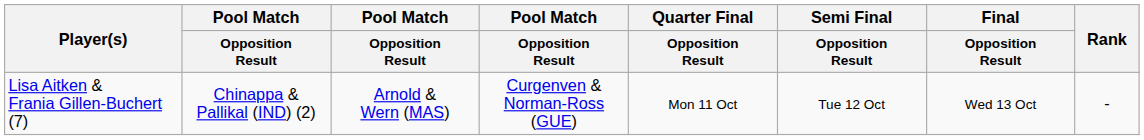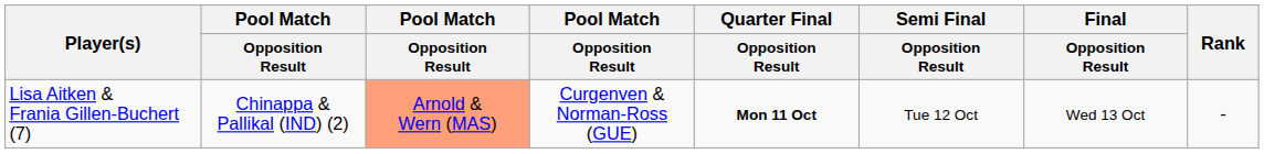 <table class=wikitable style="font-size:90%">
 <tr>
 <th rowspan="2" width=150>Player(s)</th>
 <th width=125>Pool Match</th>
 <th width=125>Pool Match</th>
 <th width=125>Pool Match</th>
 <th width=125>Quarter Final</th>
 <th width=125>Semi Final</th>
 <th width=125>Final</th>
 <th rowspan="2" width=50>Rank</th>
 </tr>
 <tr>
 <th style="line-height:1em"><small>Opposition<br>Result</small></th>
 <th style="line-height:1em"><small>Opposition<br>Result</small></th>
 <th style="line-height:1em"><small>Opposition<br>Result</small></th>
 <th style="line-height:1em"><small>Opposition<br>Result</small></th>
 <th style="line-height:1em"><small>Opposition<br>Result</small></th>
 <th style="line-height:1em"><small>Opposition<br>Result</small></th>
 </tr>
 <tr>
 <td><a href='#'>Lisa Aitken</a> &<br><a href='#'>Frania Gillen-Buchert</a> (7)</td>
 <td align="center"> <a href='#'>Chinappa</a> &<br><a href='#'>Pallikal</a> (<a href='#'>IND</a>) (2)</td>
-<td align="center"> <a href='#'>Arnold</a> &<br><a href='#'>Wern</a> (<a href='#'>MAS</a>)</td>
+<td align="center" style="background: lightsalmon;"> <a href='#'>Arnold</a> &<br><a href='#'>Wern</a> (<a href='#'>MAS</a>)</td>
 <td align="center"> <a href='#'>Curgenven</a> &<br><a href='#'>Norman-Ross</a> (<a href='#'>GUE</a>)</td>
-<td align="center"><small>Mon 11 Oct</small></td>
+<td align="center"><strong><small>Mon 11 Oct</small></strong></td>
 <td align="center"><small>Tue 12 Oct</small></td>
 <td align="center"><small>Wed 13 Oct</small></td>
 <td align="center">-</td>
 </tr>
 </table>
